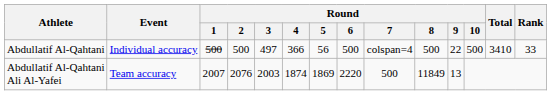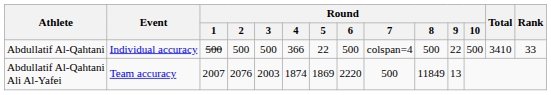 <table class=wikitable style=font-size:90%;text-align:center>
 <tr>
 <th rowspan="2">Athlete</th>
 <th rowspan="2">Event</th>
 <th colspan=10>Round</th>
 <th rowspan=2>Total</th>
 <th rowspan=2>Rank</th>
 </tr>
 <tr style="font-size:95%">
 <th>1</th>
 <th>2</th>
 <th>3</th>
 <th>4</th>
 <th>5</th>
 <th>6</th>
 <th>7</th>
 <th>8</th>
 <th>9</th>
 <th>10</th>
 </tr>
 <tr>
 <td align=left>Abdullatif Al-Qahtani</td>
 <td align=left><a href='#'>Individual accuracy</a></td>
 <td><s>500</s></td>
 <td>500</td>
-<td>497</td>
+<td>500</td>
 <td>366</td>
-<td>56</td>
+<td>22</td>
 <td>500</td>
 <td>colspan=4 </td>
 <td>500</td>
 <td>22</td>
 <td>500</td>
 <td>3410</td>
 <td>33</td>
 </tr>
 <tr>
 <td align=left>Abdullatif Al-Qahtani<br>Ali Al-Yafei</td>
 <td align=left><a href='#'>Team accuracy</a></td>
 <td>2007</td>
 <td>2076</td>
 <td>2003</td>
 <td>1874</td>
 <td>1869</td>
 <td>2220</td>
 <td>500</td>
 <td>11849</td>
 <td>13</td>
 </tr>
 </table>
